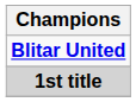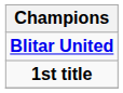 <table class="wikitable" style="text-align: center; margin: 0 auto;">
 <tr>
 <th>Champions</th>
 </tr>
 <tr>
 <td><strong><a href='#'>Blitar United</a></strong></td>
 </tr>
 <tr>
-<td style="background: lightgrey;"><strong>1st title</strong></td>
+<td><strong>1st title</strong></td>
 </tr>
 <tr>
 </tr>
 </table>
